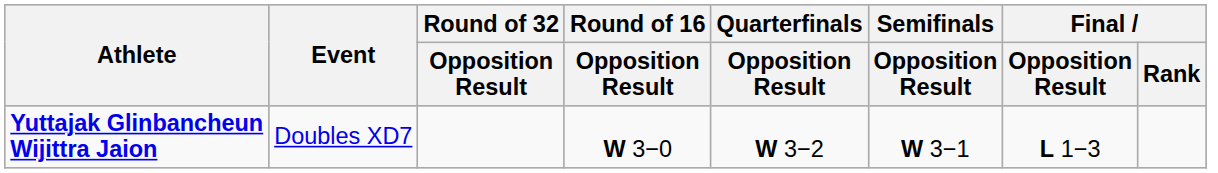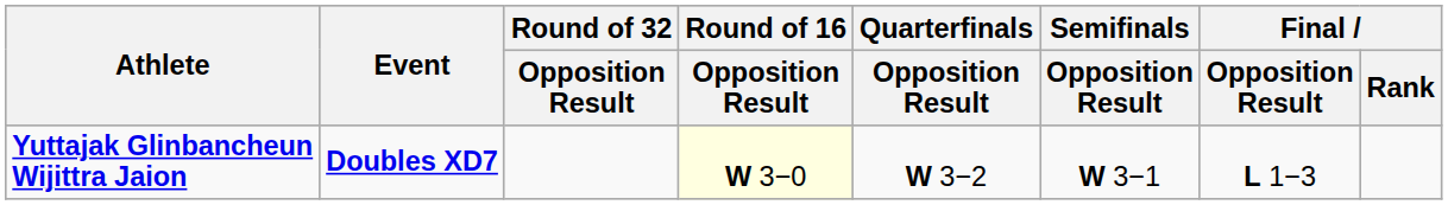 <table class=wikitable style="font-size:90%">
 <tr align=center>
 <th rowspan="2">Athlete</th>
 <th rowspan="2">Event</th>
 <th>Round of 32</th>
 <th>Round of 16</th>
 <th>Quarterfinals</th>
 <th>Semifinals</th>
 <th colspan="2">Final / </th>
 </tr>
 <tr>
 <th>Opposition<br>Result</th>
 <th>Opposition<br>Result</th>
 <th>Opposition<br>Result</th>
 <th>Opposition<br>Result</th>
 <th>Opposition<br>Result</th>
 <th>Rank</th>
 </tr>
 <tr align=center>
 <td align=left><strong><a href='#'>Yuttajak Glinbancheun</a><br><a href='#'>Wijittra Jaion</a></strong></td>
-<td align=left><a href='#'>Doubles XD7</a></td>
+<td align=left><strong><a href='#'>Doubles XD7</a></strong></td>
 <td></td>
-<td><br><strong>W</strong> 3−0</td>
+<td style="background: lightyellow;"><br><strong>W</strong> 3−0</td>
 <td><br><strong>W</strong> 3−2</td>
 <td><br><strong>W</strong> 3−1</td>
 <td><br><strong>L</strong> 1−3</td>
 <td></td>
 </tr>
 </table>
